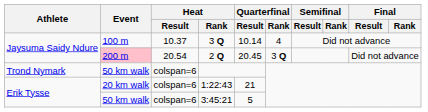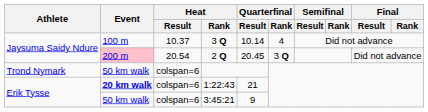 <table class=wikitable style="font-size:90%">
 <tr>
 <th rowspan="2">Athlete</th>
 <th rowspan="2">Event</th>
 <th colspan="2">Heat</th>
 <th colspan="2">Quarterfinal</th>
 <th colspan="2">Semifinal</th>
 <th colspan="2">Final</th>
 </tr>
 <tr style="font-size:95%">
 <th>Result</th>
 <th>Rank</th>
 <th>Result</th>
 <th>Rank</th>
 <th>Result</th>
 <th>Rank</th>
 <th>Result</th>
 <th>Rank</th>
 </tr>
 <tr align=center>
 <td align=left rowspan=2><a href='#'>Jaysuma Saidy Ndure</a></td>
 <td align=left><a href='#'>100 m</a></td>
 <td>10.37</td>
 <td>3 <strong>Q</strong></td>
 <td>10.14</td>
 <td>4</td>
 <td colspan=4>Did not advance</td>
 </tr>
 <tr align=center>
 <td align=left style="background: pink;"><a href='#'>200 m</a></td>
 <td>20.54</td>
 <td>2 <strong>Q</strong></td>
 <td>20.45</td>
 <td>3 <strong>Q</strong></td>
 <td colspan=2></td>
 <td colspan=2>Did not advance</td>
 </tr>
 <tr align=center>
 <td align=left><a href='#'>Trond Nymark</a></td>
 <td align=left><a href='#'>50 km walk</a></td>
 <td>colspan=6 </td>
 <td colspan=2></td>
 </tr>
 <tr align=center>
 <td align=left rowspan=2><a href='#'>Erik Tysse</a></td>
-<td align=left><a href='#'>20 km walk</a></td>
+<td align=left><strong><a href='#'>20 km walk</a></strong></td>
 <td>colspan=6 </td>
 <td>1:22:43</td>
 <td>21</td>
 </tr>
 <tr align=center>
 <td align=left><a href='#'>50 km walk</a></td>
 <td>colspan=6 </td>
 <td>3:45:21</td>
-<td>5</td>
+<td>9</td>
 </tr>
 </table>
